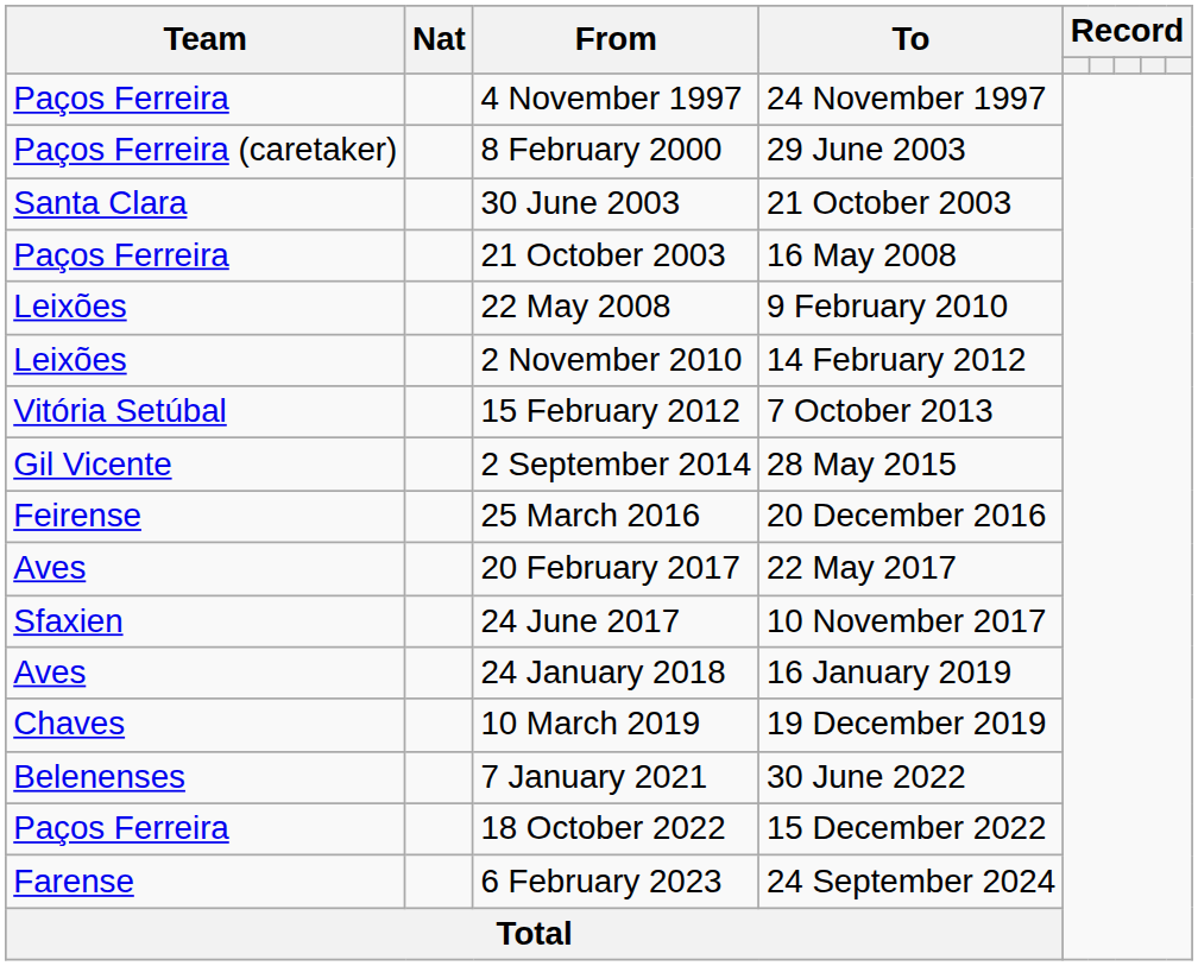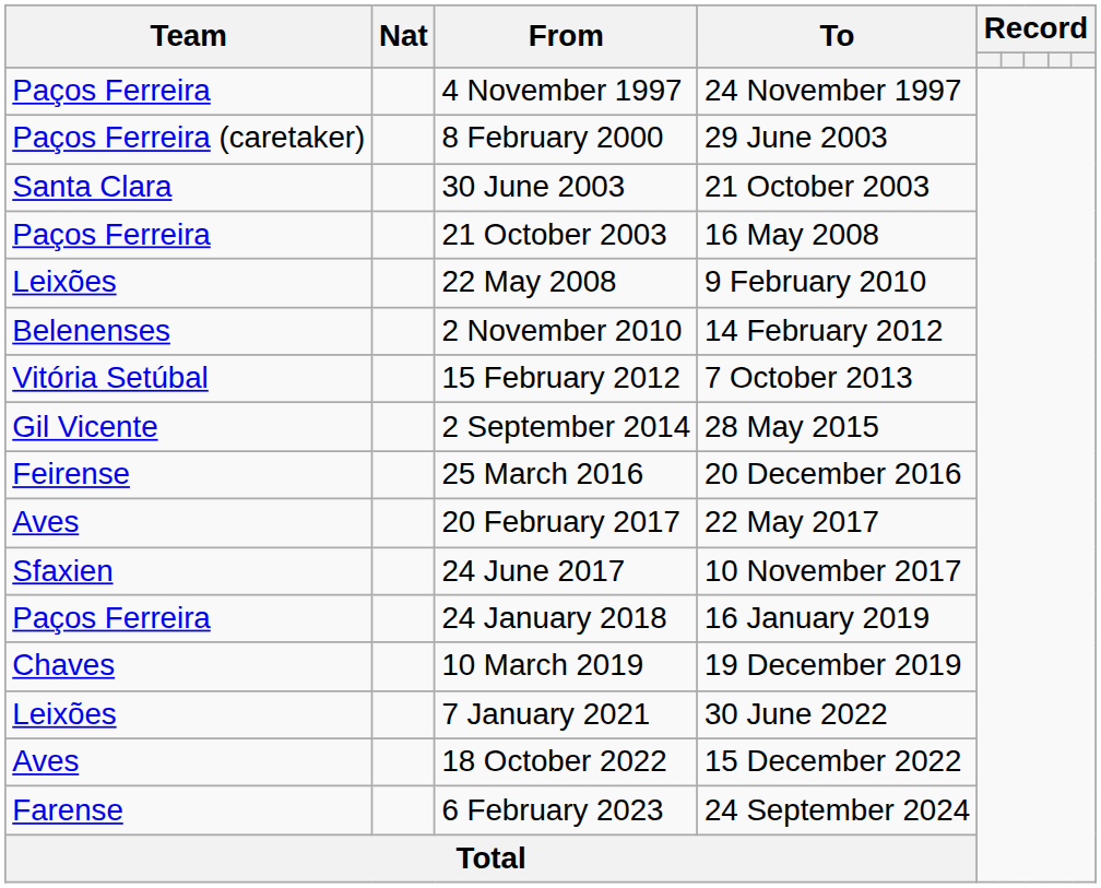 <table class="wikitable" style="text-align: center">
 <tr>
 <th rowspan=2>Team</th>
 <th rowspan=2>Nat</th>
 <th rowspan=2>From</th>
 <th rowspan=2>To</th>
 <th colspan=8>Record</th>
 </tr>
 <tr>
 <th></th>
 <th></th>
 <th></th>
 <th></th>
 <th></th>
 </tr>
 <tr>
 <td align=left><a href='#'>Paços Ferreira</a></td>
 <td></td>
 <td align=left>4 November 1997</td>
 <td align=left>24 November 1997<br></td>
 </tr>
 <tr>
 <td align=left><a href='#'>Paços Ferreira</a> (caretaker)</td>
 <td></td>
 <td align=left>8 February 2000</td>
 <td align=left>29 June 2003<br></td>
 </tr>
 <tr>
 <td align=left><a href='#'>Santa Clara</a></td>
 <td></td>
 <td align=left>30 June 2003</td>
 <td align=left>21 October 2003<br></td>
 </tr>
 <tr>
 <td align=left><a href='#'>Paços Ferreira</a></td>
 <td></td>
 <td align=left>21 October 2003</td>
 <td align=left>16 May 2008<br></td>
 </tr>
 <tr>
 <td align=left><a href='#'>Leixões</a></td>
 <td></td>
 <td align=left>22 May 2008</td>
 <td align=left>9 February 2010<br></td>
 </tr>
 <tr>
-<td align=left><a href='#'>Leixões</a></td>
+<td align=left><a href='#'>Belenenses</a></td>
 <td></td>
 <td align=left>2 November 2010</td>
 <td align=left>14 February 2012<br></td>
 </tr>
 <tr>
 <td align=left><a href='#'>Vitória Setúbal</a></td>
 <td></td>
 <td align=left>15 February 2012</td>
 <td align=left>7 October 2013<br></td>
 </tr>
 <tr>
 <td align=left><a href='#'>Gil Vicente</a></td>
 <td></td>
 <td align=left>2 September 2014</td>
 <td align=left>28 May 2015<br></td>
 </tr>
 <tr>
 <td align=left><a href='#'>Feirense</a></td>
 <td></td>
 <td align=left>25 March 2016</td>
 <td align=left>20 December 2016<br></td>
 </tr>
 <tr>
 <td align=left><a href='#'>Aves</a></td>
 <td></td>
 <td align=left>20 February 2017</td>
 <td align=left>22 May 2017<br></td>
 </tr>
 <tr>
 <td align=left><a href='#'>Sfaxien</a></td>
 <td></td>
 <td align=left>24 June 2017</td>
 <td align=left>10 November 2017<br></td>
 </tr>
 <tr>
-<td align=left><a href='#'>Aves</a></td>
+<td align=left><a href='#'>Paços Ferreira</a></td>
 <td></td>
 <td align=left>24 January 2018</td>
 <td align=left>16 January 2019<br></td>
 </tr>
 <tr>
 <td align=left><a href='#'>Chaves</a></td>
 <td></td>
 <td align=left>10 March 2019</td>
 <td align=left>19 December 2019<br></td>
 </tr>
 <tr>
-<td align=left><a href='#'>Belenenses</a></td>
+<td align=left><a href='#'>Leixões</a></td>
 <td></td>
 <td align=left>7 January 2021</td>
 <td align=left>30 June 2022<br></td>
 </tr>
 <tr>
-<td align=left><a href='#'>Paços Ferreira</a></td>
+<td align=left><a href='#'>Aves</a></td>
 <td></td>
 <td align=left>18 October 2022</td>
 <td align=left>15 December 2022<br></td>
 </tr>
 <tr>
 <td align=left><a href='#'>Farense</a></td>
 <td></td>
 <td align=left>6 February 2023</td>
 <td align=left>24 September 2024<br></td>
 </tr>
 <tr>
 <th colspan="4">Total<br></th>
 </tr>
 </table>
